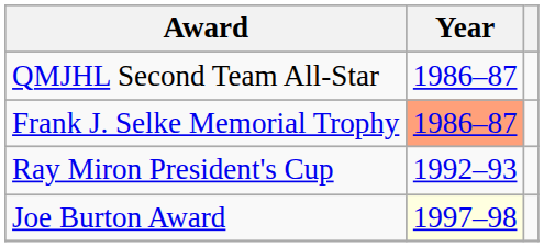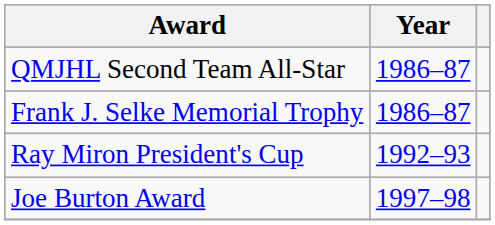 <table class="wikitable">
 <tr>
 <th>Award</th>
 <th>Year</th>
 <th></th>
 </tr>
 <tr>
 <td><a href='#'>QMJHL</a> Second Team All-Star</td>
 <td><a href='#'>1986–87</a></td>
 <td></td>
 </tr>
 <tr>
 <td><a href='#'>Frank J. Selke Memorial Trophy</a></td>
-<td style="background: lightsalmon;"><a href='#'>1986–87</a></td>
+<td><a href='#'>1986–87</a></td>
 <td></td>
 </tr>
 <tr>
 <td><a href='#'>Ray Miron President's Cup</a></td>
 <td><a href='#'>1992–93</a></td>
 <td></td>
 </tr>
 <tr>
 <td><a href='#'>Joe Burton Award</a></td>
-<td style="background: lightyellow;"><a href='#'>1997–98</a></td>
+<td><a href='#'>1997–98</a></td>
 <td></td>
 </tr>
 <tr>
 </tr>
 </table>
